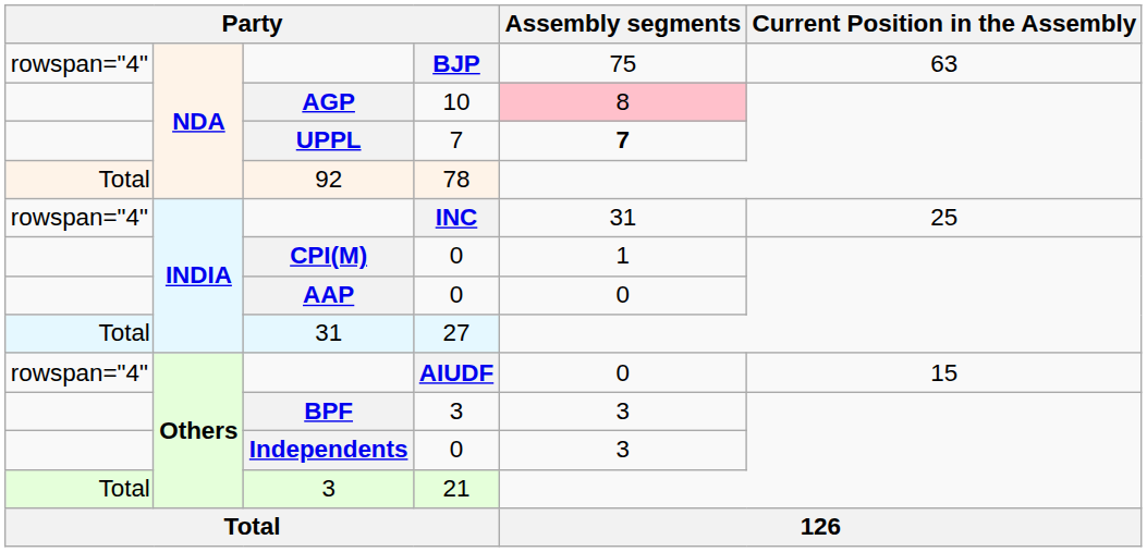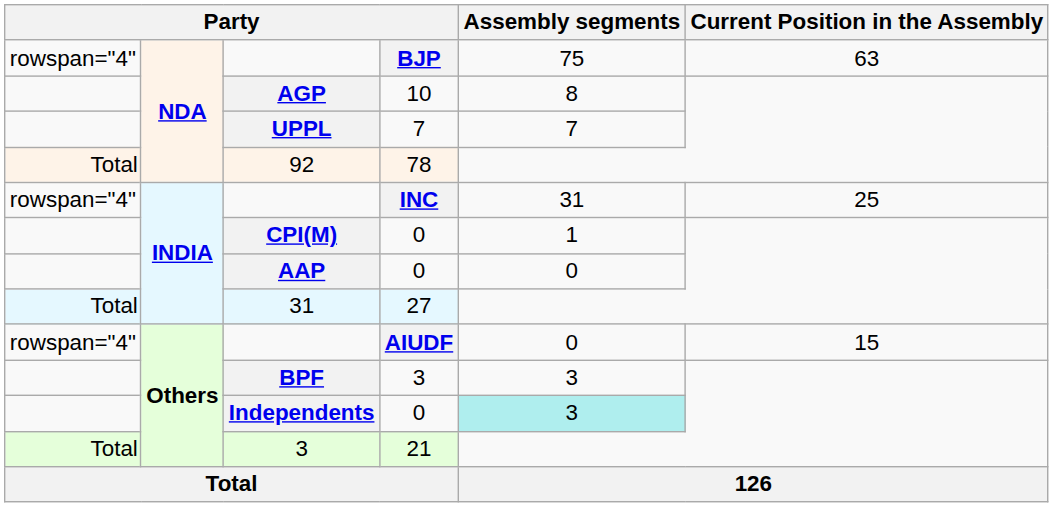 <table class="wikitable" style="text-align:center">
 <tr>
 <th colspan=4>Party</th>
 <th>Assembly segments</th>
 <th>Current Position in the Assembly</th>
 </tr>
 <tr>
 <td>rowspan="4" </td>
 <th rowspan="4"style="background:#fef3e8"><a href='#'>NDA</a></th>
 <td></td>
 <th><a href='#'>BJP</a></th>
 <td>75</td>
 <td>63</td>
 </tr>
 <tr>
 <td></td>
 <th><a href='#'>AGP</a></th>
 <td>10</td>
-<td style="background: pink;">8</td>
+<td>8</td>
 </tr>
 <tr>
 <td></td>
 <th><a href='#'>UPPL</a></th>
 <td>7</td>
-<td><strong>7</strong></td>
+<td>7</td>
 </tr>
 <tr>
 <td colspan="2"style="background:#fef3e8">Total</td>
 <td style="background:#fef3e8">92</td>
 <td style="background:#fef3e8">78</td>
 </tr>
 <tr>
 <td>rowspan="4" </td>
 <th rowspan="4"style="background:#E5F8FF"><a href='#'>INDIA</a></th>
 <td></td>
 <th><a href='#'>INC</a></th>
 <td>31</td>
 <td>25</td>
 </tr>
 <tr>
 <td></td>
 <th><a href='#'>CPI(M)</a></th>
 <td>0</td>
 <td>1</td>
 </tr>
 <tr>
 <td></td>
 <th><a href='#'>AAP</a></th>
 <td>0</td>
 <td>0</td>
 </tr>
 <tr>
 <td colspan="2"style="background:#E5F8FF">Total</td>
 <td style="background:#E5F8FF">31</td>
 <td style="background:#E5F8FF">27</td>
 </tr>
 <tr>
 <td>rowspan="4" </td>
 <th rowspan="4"style="background:#E5FFDA">Others</th>
 <td></td>
 <th><a href='#'>AIUDF</a></th>
 <td>0</td>
 <td>15</td>
 </tr>
 <tr>
 <td></td>
 <th><a href='#'>BPF</a></th>
 <td>3</td>
 <td>3</td>
 </tr>
 <tr>
 <td></td>
 <th><a href='#'>Independents</a></th>
 <td>0</td>
-<td>3</td>
+<td style="background: paleturquoise;">3</td>
 </tr>
 <tr>
 <td colspan="2"style="background:#E5FFDA">Total</td>
 <td style="background:#E5FFDA">3</td>
 <td style="background:#E5FFDA">21</td>
 </tr>
 <tr>
 <th colspan="4">Total</th>
 <th colspan=2>126</th>
 </tr>
 </table>
